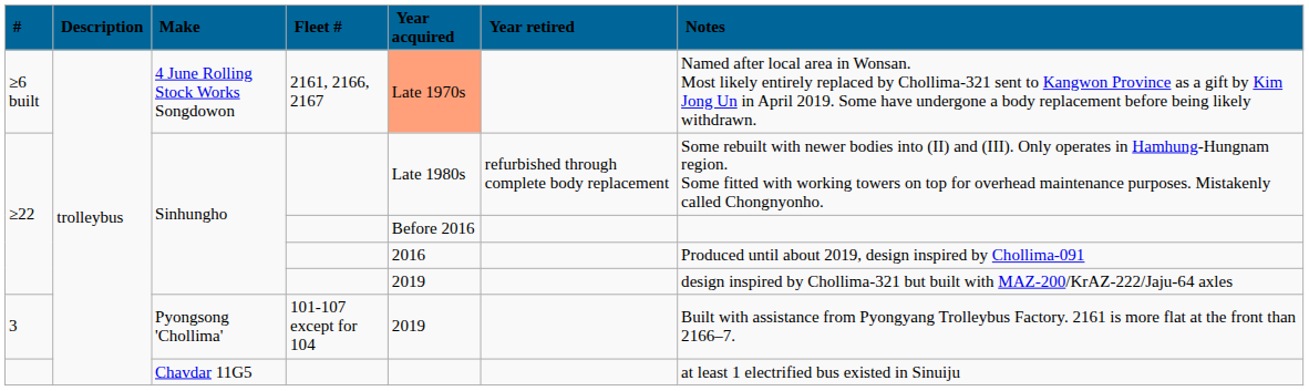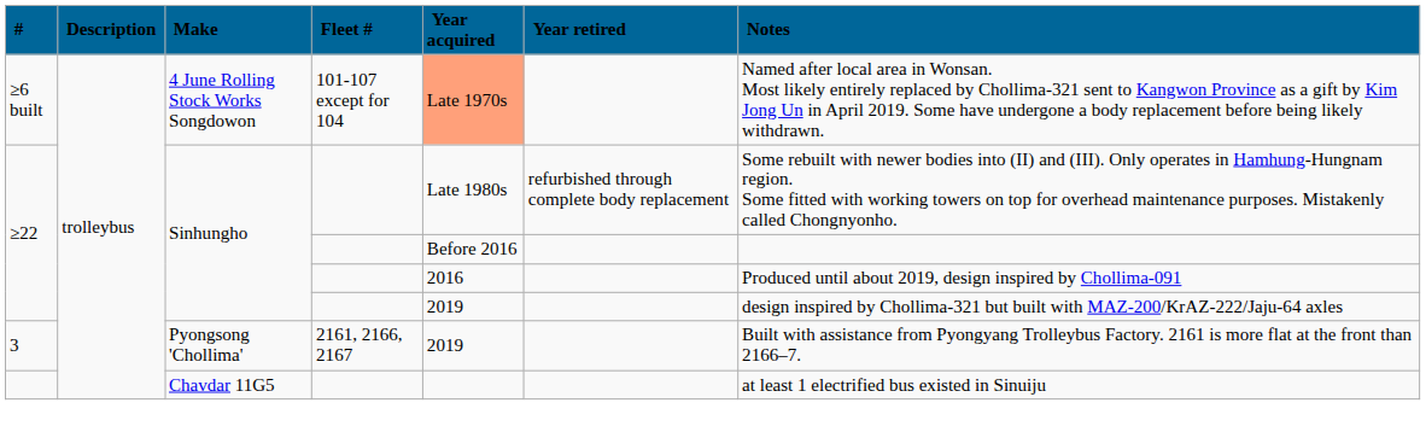 <table class="wikitable" style="border-collapse: collapse;">
 <tr ---- bgcolor="#006699">
 <td><strong><span> #</span></strong></td>
 <td><strong><span> Description </span></strong></td>
 <td><strong><span> Make</span></strong></td>
 <td><strong><span> Fleet #</span></strong></td>
 <td><strong><span> Year acquired </span></strong></td>
 <td><strong><span> Year retired </span></strong></td>
 <td><strong><span> Notes </span></strong></td>
 </tr>
 <tr>
 <td>≥6 built</td>
 <td rowspan="7">trolleybus</td>
 <td><a href='#'>4 June Rolling Stock Works</a><br>Songdowon</td>
-<td>2161, 2166, 2167</td>
+<td>101-107 except for 104</td>
 <td style="background: lightsalmon;">Late 1970s</td>
 <td></td>
 <td>Named after local area in Wonsan.<br>Most likely entirely replaced by Chollima-321 sent to <a href='#'>Kangwon Province</a> as a gift by <a href='#'>Kim Jong Un</a> in April 2019. Some have undergone a body replacement before being likely withdrawn.</td>
 </tr>
 <tr>
 <td rowspan="4">≥22</td>
 <td rowspan="4">Sinhungho</td>
 <td></td>
 <td>Late 1980s</td>
 <td>refurbished through complete body replacement</td>
 <td>Some rebuilt with newer bodies into (II) and (III). Only operates in <a href='#'>Hamhung</a>-Hungnam region.<br>Some fitted with working towers on top for overhead maintenance purposes. Mistakenly called Chongnyonho.</td>
 </tr>
 <tr>
 <td></td>
 <td>Before 2016</td>
 <td></td>
 <td></td>
 </tr>
 <tr>
 <td></td>
 <td>2016</td>
 <td></td>
 <td>Produced until about 2019, design inspired by <a href='#'>Chollima-091</a></td>
 </tr>
 <tr>
 <td></td>
 <td>2019</td>
 <td></td>
 <td>design inspired by Chollima-321 but built with <a href='#'>MAZ-200</a>/KrAZ-222/Jaju-64 axles</td>
 </tr>
 <tr>
 <td>3</td>
 <td>Pyongsong 'Chollima'</td>
-<td>101-107 except for 104</td>
+<td>2161, 2166, 2167</td>
 <td>2019</td>
 <td></td>
 <td>Built with assistance from Pyongyang Trolleybus Factory. 2161 is more flat at the front than 2166–7.</td>
 </tr>
 <tr>
 <td></td>
 <td><a href='#'>Chavdar</a> 11G5</td>
 <td></td>
 <td></td>
 <td></td>
 <td>at least 1 electrified bus existed in Sinuiju</td>
 </tr>
 </table>
